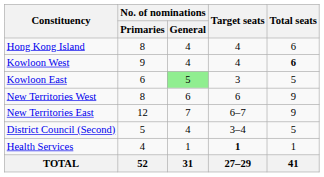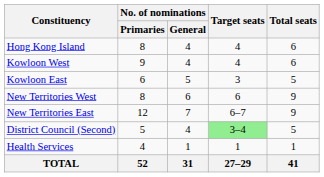 <table class="wikitable sortable" style="text-align:center;">
 <tr>
 <th rowspan=2>Constituency</th>
 <th colspan=2>No. of nominations</th>
 <th rowspan=2>Target seats</th>
 <th rowspan=2>Total seats</th>
 </tr>
 <tr>
 <th>Primaries</th>
 <th>General</th>
 </tr>
 <tr>
 <td align=left><a href='#'>Hong Kong Island</a></td>
 <td>8</td>
 <td>4</td>
 <td>4</td>
 <td>6</td>
 </tr>
 <tr>
 <td align=left><a href='#'>Kowloon West</a></td>
 <td>9</td>
 <td>4</td>
 <td>4</td>
-<td><strong>6</strong></td>
+<td>6</td>
 </tr>
 <tr>
 <td align=left><a href='#'>Kowloon East</a></td>
 <td>6</td>
-<td style="background: lightgreen;">5</td>
+<td>5</td>
 <td>3</td>
 <td>5</td>
 </tr>
 <tr>
 <td align=left><a href='#'>New Territories West</a></td>
 <td>8</td>
 <td>6</td>
 <td>6</td>
 <td>9</td>
 </tr>
 <tr>
 <td align=left><a href='#'>New Territories East</a></td>
 <td>12</td>
 <td>7</td>
 <td>6–7</td>
 <td>9</td>
 </tr>
 <tr>
 <td align=left><a href='#'>District Council (Second)</a></td>
 <td>5</td>
 <td>4</td>
-<td>3–4</td>
+<td style="background: lightgreen;">3–4</td>
 <td>5</td>
 </tr>
 <tr>
 <td align=left><a href='#'>Health Services</a></td>
 <td>4</td>
 <td>1</td>
-<td><strong>1</strong></td>
+<td>1</td>
 <td>1</td>
 </tr>
 <tr>
 <th>TOTAL</th>
 <th>52</th>
 <th>31</th>
 <th>27–29</th>
 <th>41</th>
 </tr>
 </table>
